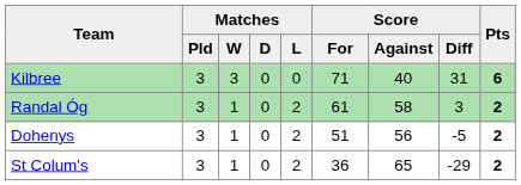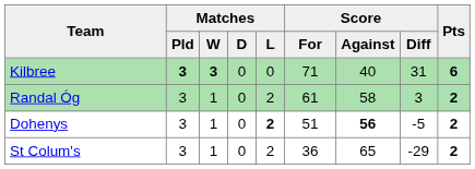 <table style=border-collapse:collapse border=1 cellspacing=0 cellpadding=5>
 <tr align=center bgcolor=#efefef>
 <th rowspan=2 width=165>Team</th>
 <th colspan=4>Matches</th>
 <th colspan=3>Score</th>
 <th rowspan=2width=20>Pts</th>
 </tr>
 <tr align=center bgcolor=#efefef>
 <th width=20>Pld</th>
 <th width=20>W</th>
 <th width=20>D</th>
 <th width=20>L</th>
 <th width=45>For</th>
 <th width=45>Against</th>
 <th width=30>Diff</th>
 </tr>
 <tr align=center style="background:#ACE1AF;">
 <td style="text-align:left;"><a href='#'>Kilbree</a></td>
-<td>3</td>
-<td>3</td>
+<td><strong>3</strong></td>
+<td><strong>3</strong></td>
 <td>0</td>
 <td>0</td>
 <td>71</td>
 <td>40</td>
 <td>31</td>
 <td><strong>6</strong></td>
 </tr>
 <tr align=center style="background:#ACE1AF;">
 <td style="text-align:left;"><a href='#'>Randal Óg</a></td>
 <td>3</td>
 <td>1</td>
 <td>0</td>
 <td>2</td>
 <td>61</td>
 <td>58</td>
 <td>3</td>
 <td><strong>2</strong></td>
 </tr>
 <tr align=center>
 <td style="text-align:left;"><a href='#'>Dohenys</a></td>
 <td>3</td>
 <td>1</td>
 <td>0</td>
-<td>2</td>
+<td><strong>2</strong></td>
 <td>51</td>
-<td>56</td>
+<td><strong>56</strong></td>
 <td>-5</td>
 <td><strong>2</strong></td>
 </tr>
 <tr align=center>
 <td style="text-align:left;"><a href='#'>St Colum's</a></td>
 <td>3</td>
 <td>1</td>
 <td>0</td>
 <td>2</td>
 <td>36</td>
 <td>65</td>
 <td>-29</td>
 <td><strong>2</strong></td>
 </tr>
 </table>
